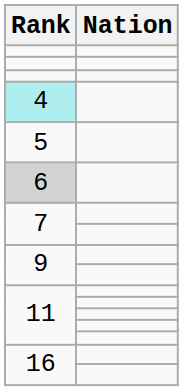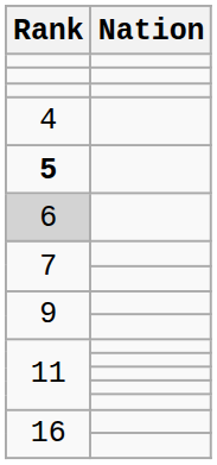 <table class="wikitable sortable" style="text-align:center">
 <tr>
 <th>Rank</th>
 <th>Nation</th>
 </tr>
 <tr>
 <td></td>
 <td align=left></td>
 </tr>
 <tr>
 <td></td>
 <td align=left></td>
 </tr>
 <tr>
 <td></td>
 <td align=left></td>
 </tr>
 <tr>
-<td style="background: paleturquoise;">4</td>
+<td>4</td>
 <td align=left></td>
 </tr>
 <tr>
-<td>5</td>
+<td><strong>5</strong></td>
 <td align=left></td>
 </tr>
 <tr>
 <td style="background: lightgrey;">6</td>
 <td align=left></td>
 </tr>
 <tr>
 <td rowspan=2>7</td>
 <td align=left></td>
 </tr>
 <tr>
 <td align=left></td>
 </tr>
 <tr>
 <td rowspan=2>9</td>
 <td align=left></td>
 </tr>
 <tr>
 <td align=left></td>
 </tr>
 <tr>
 <td rowspan=5>11</td>
 <td align=left></td>
 </tr>
 <tr>
 <td align=left></td>
 </tr>
 <tr>
 <td align=left></td>
 </tr>
 <tr>
 <td align=left></td>
 </tr>
 <tr>
 <td align=left></td>
 </tr>
 <tr>
 <td rowspan=2>16</td>
 <td align=left></td>
 </tr>
 <tr>
 <td align=left></td>
 </tr>
 </table>
